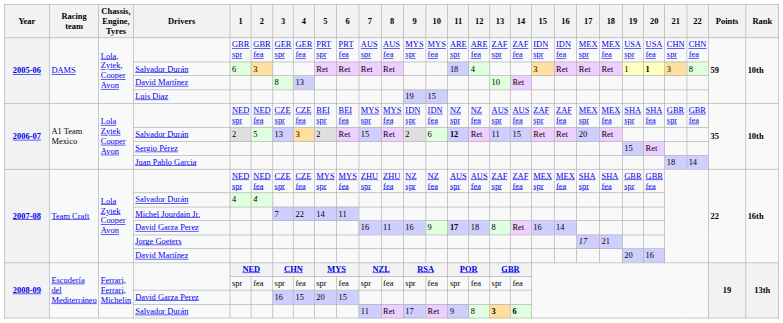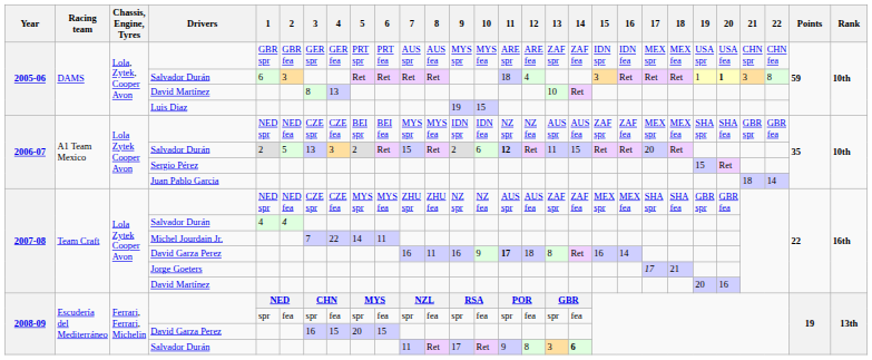 <table class="wikitable" style="font-size: 85%">
 <tr>
 <th>Year</th>
 <th width="4%">Racing<br>team</th>
 <th width="4%">Chassis,<br>Engine,<br>Tyres</th>
 <th>Drivers</th>
 <th width="2%">1</th>
 <th width="2%">2</th>
 <th width="2%">3</th>
 <th width="2%">4</th>
 <th width="2%">5</th>
 <th width="2%">6</th>
 <th width="2%">7</th>
 <th width="2%">8</th>
 <th width="2%">9</th>
 <th width="2%">10</th>
 <th width="2%">11</th>
 <th width="2%">12</th>
 <th width="2%">13</th>
 <th width="2%">14</th>
 <th width="2%">15</th>
 <th width="2%">16</th>
 <th width="2%">17</th>
 <th width="2%">18</th>
 <th width="2%">19</th>
 <th width="2%">20</th>
 <th width="2%">21</th>
 <th width="2%">22</th>
 <th>Points</th>
 <th>Rank</th>
 </tr>
 <tr>
 <th rowspan=4><a href='#'>2005-06</a></th>
 <td rowspan=4><a href='#'>DAMS</a></td>
 <td rowspan=4><a href='#'>Lola</a>,<br><a href='#'>Zytek</a>,<br><a href='#'>Cooper Avon</a></td>
 <td></td>
 <td><a href='#'>GBR spr</a></td>
 <td><a href='#'>GBR fea</a></td>
 <td><a href='#'>GER spr</a></td>
 <td><a href='#'>GER fea</a></td>
 <td><a href='#'>PRT spr</a></td>
 <td><a href='#'>PRT fea</a></td>
 <td><a href='#'>AUS spr</a></td>
 <td><a href='#'>AUS fea</a></td>
 <td><a href='#'>MYS spr</a></td>
 <td><a href='#'>MYS fea</a></td>
 <td><a href='#'>ARE spr</a></td>
 <td><a href='#'>ARE fea</a></td>
 <td><a href='#'>ZAF spr</a></td>
 <td><a href='#'>ZAF fea</a></td>
 <td><a href='#'>IDN spr</a></td>
 <td><a href='#'>IDN fea</a></td>
 <td><a href='#'>MEX spr</a></td>
 <td><a href='#'>MEX fea</a></td>
 <td><a href='#'>USA spr</a></td>
 <td><a href='#'>USA fea</a></td>
 <td><a href='#'>CHN spr</a></td>
 <td><a href='#'>CHN fea</a></td>
 <td rowspan=4><strong>59</strong></td>
 <td rowspan=4><strong>10th</strong></td>
 </tr>
 <tr>
 <td><a href='#'>Salvador Durán</a></td>
 <td style="background:#DFFFDF;">6</td>
 <td style="background:#FFDF9F;">3</td>
 <td></td>
 <td></td>
 <td style="background:#EFCFFF;">Ret</td>
 <td style="background:#EFCFFF;">Ret</td>
 <td style="background:#EFCFFF;">Ret</td>
 <td style="background:#EFCFFF;">Ret</td>
 <td></td>
 <td></td>
 <td style="background:#CFCFFF;">18</td>
 <td style="background:#DFFFDF;">4</td>
 <td></td>
 <td></td>
 <td style="background:#FFDF9F;">3</td>
 <td style="background:#EFCFFF;">Ret</td>
 <td style="background:#EFCFFF;">Ret</td>
 <td style="background:#EFCFFF;">Ret</td>
 <td style="background:#FFFFBF;">1</td>
 <td style="background:#FFFFBF;"><strong>1</strong></td>
 <td style="background:#FFDF9F;">3</td>
 <td style="background:#DFFFDF;">8</td>
 </tr>
 <tr>
 <td><a href='#'>David Martínez</a></td>
 <td></td>
 <td></td>
 <td style="background:#DFFFDF;">8</td>
 <td style="background:#CFCFFF;">13</td>
 <td></td>
 <td></td>
 <td></td>
 <td></td>
 <td></td>
 <td></td>
 <td></td>
 <td></td>
 <td style="background:#DFFFDF;">10</td>
 <td style="background:#EFCFFF;">Ret</td>
 <td></td>
 <td></td>
 <td></td>
 <td></td>
 <td></td>
 <td></td>
 <td></td>
 <td></td>
 </tr>
 <tr>
 <td><a href='#'>Luis Diaz</a></td>
 <td></td>
 <td></td>
 <td></td>
 <td></td>
 <td></td>
 <td></td>
 <td></td>
 <td></td>
 <td style="background:#CFCFFF;">19</td>
 <td style="background:#CFCFFF;">15</td>
 <td></td>
 <td></td>
 <td></td>
 <td></td>
 <td></td>
 <td></td>
 <td></td>
 <td></td>
 <td></td>
 <td></td>
 <td></td>
 <td></td>
 </tr>
 <tr>
 <th rowspan=4><a href='#'>2006-07</a></th>
 <td rowspan=4>A1 Team Mexico</td>
 <td rowspan=4><a href='#'>Lola</a><br><a href='#'>Zytek</a><br><a href='#'>Cooper Avon</a></td>
 <td></td>
 <td><a href='#'>NED spr</a></td>
 <td><a href='#'>NED fea</a></td>
 <td><a href='#'>CZE spr</a></td>
 <td><a href='#'>CZE fea</a></td>
 <td><a href='#'>BEI spr</a></td>
 <td><a href='#'>BEI fea</a></td>
 <td><a href='#'>MYS spr</a></td>
 <td><a href='#'>MYS fea</a></td>
 <td><a href='#'>IDN spr</a></td>
 <td><a href='#'>IDN fea</a></td>
 <td><a href='#'>NZ spr</a></td>
 <td><a href='#'>NZ fea</a></td>
 <td><a href='#'>AUS spr</a></td>
 <td><a href='#'>AUS fea</a></td>
 <td><a href='#'>ZAF spr</a></td>
 <td><a href='#'>ZAF fea</a></td>
 <td><a href='#'>MEX spr</a></td>
 <td><a href='#'>MEX fea</a></td>
 <td><a href='#'>SHA spr</a></td>
 <td><a href='#'>SHA fea</a></td>
 <td><a href='#'>GBR spr</a></td>
 <td><a href='#'>GBR fea</a></td>
 <td rowspan=4><strong>35</strong></td>
 <td rowspan=4><strong>10th</strong></td>
 </tr>
 <tr>
 <td><a href='#'>Salvador Durán</a></td>
 <td style="background:#DFDFDF;">2</td>
 <td style="background:#DFFFDF;">5</td>
 <td style="background:#CFCFFF;">13</td>
 <td style="background:#FFDF9F;">3</td>
 <td style="background:#DFDFDF;">2</td>
 <td style="background:#EFCFFF;">Ret</td>
 <td style="background:#CFCFFF;">15</td>
 <td style="background:#EFCFFF;">Ret</td>
 <td style="background:#DFDFDF;">2</td>
 <td style="background:#DFFFDF;">6</td>
 <td style="background:#CFCFFF;"><strong>12</strong></td>
 <td style="background:#EFCFFF;">Ret</td>
 <td style="background:#CFCFFF;">11</td>
 <td style="background:#CFCFFF;">15</td>
 <td style="background:#EFCFFF;">Ret</td>
 <td style="background:#EFCFFF;">Ret</td>
 <td style="background:#CFCFFF;">20</td>
 <td style="background:#EFCFFF;">Ret</td>
 <td></td>
 <td></td>
 <td></td>
 <td></td>
 </tr>
 <tr>
 <td><a href='#'>Sergio Pérez</a></td>
 <td></td>
 <td></td>
 <td></td>
 <td></td>
 <td></td>
 <td></td>
 <td></td>
 <td></td>
 <td></td>
 <td></td>
 <td></td>
 <td></td>
 <td></td>
 <td></td>
 <td></td>
 <td></td>
 <td></td>
 <td></td>
 <td style="background:#CFCFFF;">15</td>
 <td style="background:#EFCFFF;">Ret</td>
 <td></td>
 <td></td>
 </tr>
 <tr>
 <td><a href='#'>Juan Pablo Garcia</a></td>
 <td></td>
 <td></td>
 <td></td>
 <td></td>
 <td></td>
 <td></td>
 <td></td>
 <td></td>
 <td></td>
 <td></td>
 <td></td>
 <td></td>
 <td></td>
 <td></td>
 <td></td>
 <td></td>
 <td></td>
 <td></td>
 <td></td>
 <td></td>
 <td style="background:#CFCFFF;">18</td>
 <td style="background:#CFCFFF;">14</td>
 </tr>
 <tr>
 <th rowspan=6><a href='#'>2007-08</a></th>
 <td rowspan=6><a href='#'>Team Craft</a></td>
 <td rowspan=6><a href='#'>Lola</a><br><a href='#'>Zytek</a><br><a href='#'>Cooper Avon</a></td>
 <td></td>
 <td><a href='#'>NED spr</a></td>
 <td><a href='#'>NED fea</a></td>
 <td><a href='#'>CZE spr</a></td>
 <td><a href='#'>CZE fea</a></td>
 <td><a href='#'>MYS spr</a></td>
 <td><a href='#'>MYS fea</a></td>
 <td><a href='#'>ZHU spr</a></td>
 <td><a href='#'>ZHU fea</a></td>
 <td><a href='#'>NZ spr</a></td>
 <td><a href='#'>NZ fea</a></td>
 <td><a href='#'>AUS spr</a></td>
 <td><a href='#'>AUS fea</a></td>
 <td><a href='#'>ZAF spr</a></td>
 <td><a href='#'>ZAF fea</a></td>
 <td><a href='#'>MEX spr</a></td>
 <td><a href='#'>MEX fea</a></td>
 <td><a href='#'>SHA spr</a></td>
 <td><a href='#'>SHA fea</a></td>
 <td><a href='#'>GBR spr</a></td>
 <td><a href='#'>GBR fea</a></td>
 <td colspan=2 rowspan=6></td>
 <td rowspan=6><strong>22</strong></td>
 <td rowspan=6><strong>16th</strong></td>
 </tr>
 <tr>
 <td><a href='#'>Salvador Durán</a></td>
 <td style="background:#DFFFDF;">4</td>
 <td style="background:#DFFFDF;"><em>4</em></td>
 <td></td>
 <td></td>
 <td></td>
 <td></td>
 <td></td>
 <td></td>
 <td></td>
 <td></td>
 <td></td>
 <td></td>
 <td></td>
 <td></td>
 <td></td>
 <td></td>
 <td></td>
 <td></td>
 <td></td>
 <td></td>
 </tr>
 <tr>
 <td><a href='#'>Michel Jourdain Jr.</a></td>
 <td></td>
 <td></td>
 <td style="background:#CFCFFF;">7</td>
 <td style="background:#CFCFFF;">22</td>
 <td style="background:#CFCFFF;">14</td>
 <td style="background:#CFCFFF;">11</td>
 <td></td>
 <td></td>
 <td></td>
 <td></td>
 <td></td>
 <td></td>
 <td></td>
 <td></td>
 <td></td>
 <td></td>
 <td></td>
 <td></td>
 <td></td>
 <td></td>
 </tr>
 <tr>
 <td><a href='#'>David Garza Perez</a></td>
 <td></td>
 <td></td>
 <td></td>
 <td></td>
 <td></td>
 <td></td>
 <td style="background:#CFCFFF;">16</td>
 <td style="background:#CFCFFF;">11</td>
 <td style="background:#CFCFFF;">16</td>
 <td style="background:#DFFFDF;">9</td>
 <td style="background:#CFCFFF;"><strong>17</strong></td>
 <td style="background:#CFCFFF;">18</td>
 <td style="background:#DFFFDF;">8</td>
 <td style="background:#EFCFFF;">Ret</td>
 <td style="background:#CFCFFF;">16</td>
 <td style="background:#CFCFFF;">14</td>
 <td></td>
 <td></td>
 <td></td>
 <td></td>
 </tr>
 <tr>
 <td><a href='#'>Jorge Goeters</a></td>
 <td></td>
 <td></td>
 <td></td>
 <td></td>
 <td></td>
 <td></td>
 <td></td>
 <td></td>
 <td></td>
 <td></td>
 <td></td>
 <td></td>
 <td></td>
 <td></td>
 <td></td>
 <td></td>
 <td style="background:#CFCFFF;"><em>17</em></td>
 <td style="background:#CFCFFF;">21</td>
 <td></td>
 <td></td>
 </tr>
 <tr>
 <td><a href='#'>David Martínez</a></td>
 <td></td>
 <td></td>
 <td></td>
 <td></td>
 <td></td>
 <td></td>
 <td></td>
 <td></td>
 <td></td>
 <td></td>
 <td></td>
 <td></td>
 <td></td>
 <td></td>
 <td></td>
 <td></td>
 <td></td>
 <td></td>
 <td style="background:#CFCFFF;">20</td>
 <td style="background:#CFCFFF;">16<br></td>
 </tr>
 <tr>
 <th rowspan=4><a href='#'>2008-09</a></th>
 <td rowspan=4><a href='#'>Escudería del Mediterráneo</a></td>
 <td rowspan=4><a href='#'>Ferrari</a>,<br><a href='#'>Ferrari</a>,<br><a href='#'>Michelin</a></td>
 <td rowspan=2></td>
 <th colspan=2><a href='#'>NED</a></th>
 <th colspan=2><a href='#'>CHN</a></th>
 <th colspan=2><a href='#'>MYS</a></th>
 <th colspan=2><a href='#'>NZL</a></th>
 <th colspan=2><a href='#'>RSA</a></th>
 <th colspan=2><a href='#'>POR</a></th>
 <th colspan=2><a href='#'>GBR</a></th>
 <td colspan=8 rowspan=4></td>
 <th rowspan=4>19</th>
 <th rowspan=4>13th</th>
 </tr>
 <tr>
 <td>spr</td>
 <td>fea</td>
 <td>spr</td>
 <td>fea</td>
 <td>spr</td>
 <td>fea</td>
 <td>spr</td>
 <td>fea</td>
 <td>spr</td>
 <td>fea</td>
 <td>spr</td>
 <td>fea</td>
 <td>spr</td>
 <td>fea</td>
 </tr>
 <tr>
 <td><a href='#'>David Garza Perez</a></td>
 <td></td>
 <td></td>
 <td style="background:#CFCFFF;">16</td>
 <td style="background:#CFCFFF;">15</td>
 <td style="background:#CFCFFF;">20</td>
 <td style="background:#CFCFFF;">15</td>
 <td></td>
 <td></td>
 <td></td>
 <td></td>
 <td></td>
 <td></td>
 <td></td>
 <td></td>
 </tr>
 <tr>
 <td><a href='#'>Salvador Durán</a></td>
 <td></td>
 <td></td>
 <td></td>
 <td></td>
 <td></td>
 <td></td>
 <td style="background:#CFCFFF;">11</td>
 <td style="background:#EFCFFF;">Ret</td>
 <td style="background:#CFCFFF;">17</td>
 <td style="background:#EFCFFF;">Ret</td>
 <td style="background:#CFCFFF;">9</td>
 <td style="background:#DFFFDF;">8</td>
-<td style="background:#FFDF9F;"><strong>3</strong></td>
+<td style="background:#FFDF9F;">3</td>
 <td style="background:#DFFFDF;"><strong>6</strong></td>
 </tr>
 </table>
